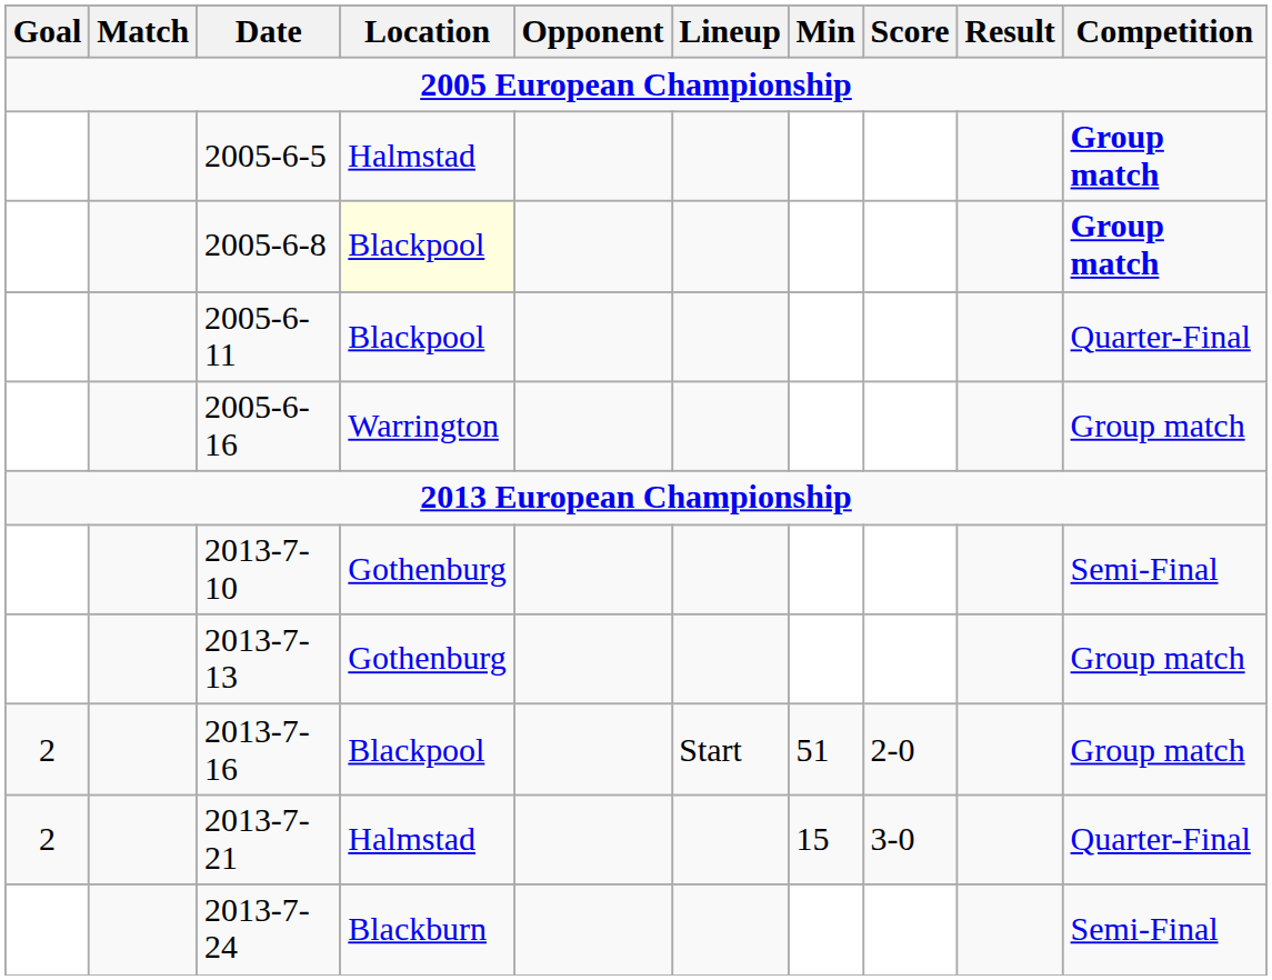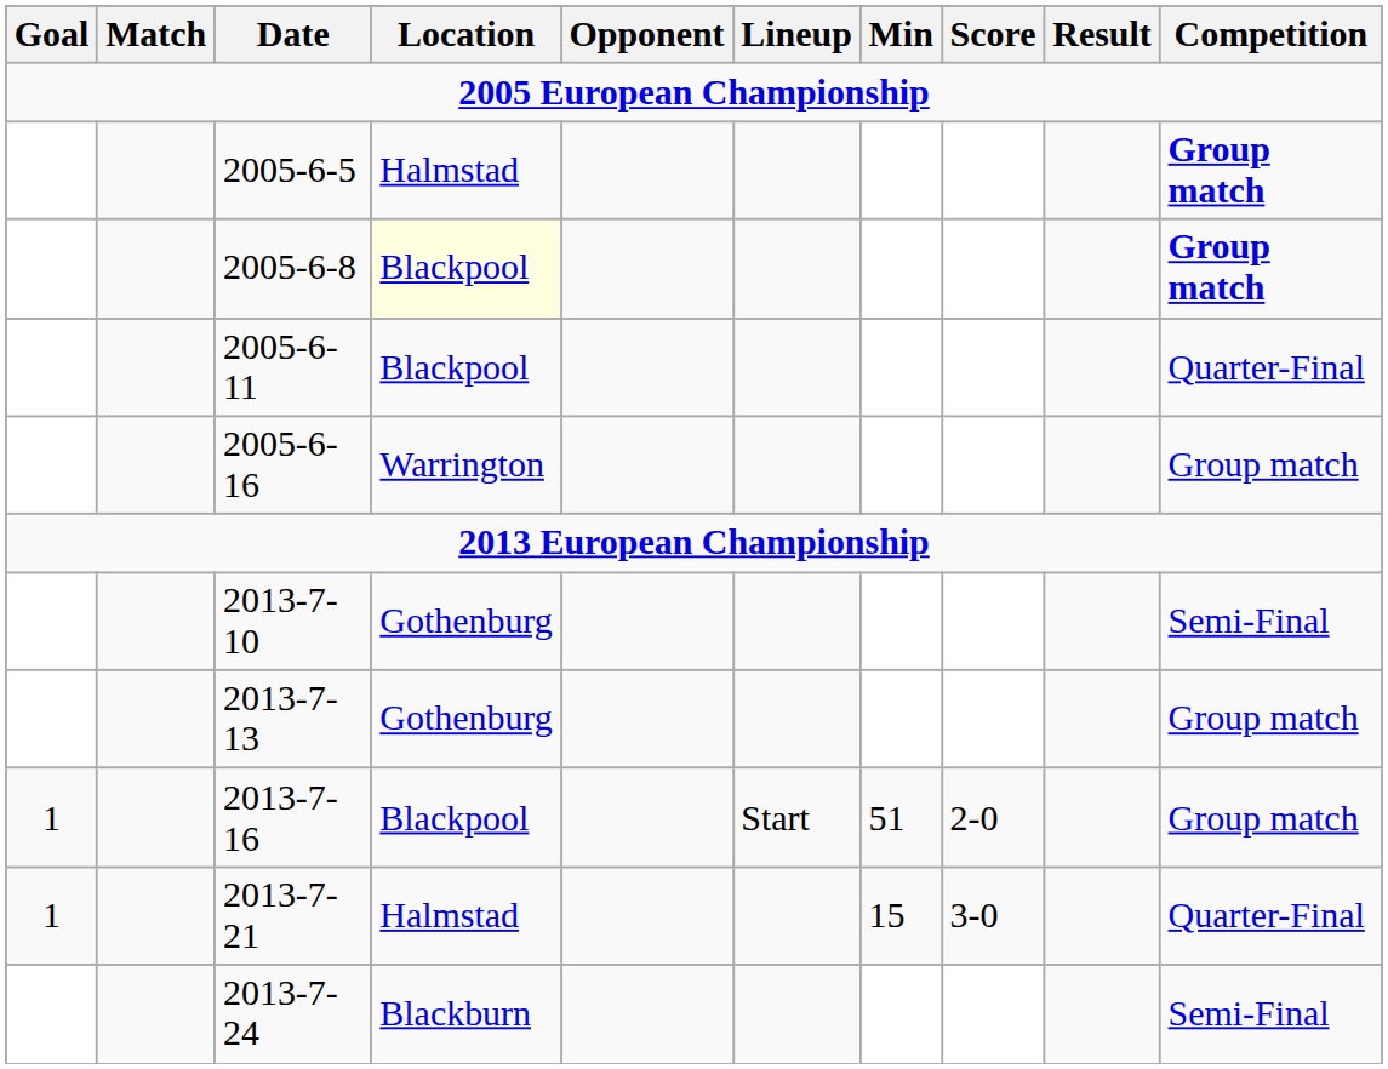 <table class="wikitable collapsible" style="fontsize:90%;">
 <tr>
 <th>Goal</th>
 <th>Match</th>
 <th>Date</th>
 <th>Location</th>
 <th>Opponent</th>
 <th>Lineup</th>
 <th>Min</th>
 <th>Score</th>
 <th>Result</th>
 <th>Competition</th>
 </tr>
 <tr>
 <td colspan=10 align=center><strong><a href='#'>2005 European Championship</a></strong></td>
 </tr>
 <tr>
 <td style="background:white;"></td>
 <td></td>
 <td>2005-6-5</td>
 <td><a href='#'>Halmstad</a></td>
 <td></td>
 <td></td>
 <td style="background:white;"></td>
 <td style="background:white;"></td>
 <td></td>
 <td><strong><a href='#'>Group match</a></strong></td>
 </tr>
 <tr>
 <td style="background:white;"></td>
 <td></td>
 <td>2005-6-8</td>
 <td style="background: lightyellow;"><a href='#'>Blackpool</a></td>
 <td></td>
 <td></td>
 <td style="background:white;"></td>
 <td style="background:white;"></td>
 <td></td>
 <td><strong><a href='#'>Group match</a></strong></td>
 </tr>
 <tr>
 <td style="background:white;"></td>
 <td></td>
 <td>2005-6-11</td>
 <td><a href='#'>Blackpool</a></td>
 <td></td>
 <td></td>
 <td style="background:white;"></td>
 <td style="background:white;"></td>
 <td></td>
 <td><a href='#'>Quarter-Final</a></td>
 </tr>
 <tr>
 <td style="background:white;"></td>
 <td></td>
 <td>2005-6-16</td>
 <td><a href='#'>Warrington</a></td>
 <td></td>
 <td></td>
 <td style="background:white;"></td>
 <td style="background:white;"></td>
 <td></td>
 <td><a href='#'>Group match</a></td>
 </tr>
 <tr>
 <td colspan=10 align=center><strong><a href='#'>2013 European Championship</a></strong></td>
 </tr>
 <tr>
 <td style="background:white;"></td>
 <td></td>
 <td>2013-7-10</td>
 <td><a href='#'>Gothenburg</a></td>
 <td></td>
 <td></td>
 <td style="background:white;"></td>
 <td style="background:white;"></td>
 <td></td>
 <td><a href='#'>Semi-Final</a></td>
 </tr>
 <tr>
 <td style="background:white;"></td>
 <td></td>
 <td>2013-7-13</td>
 <td><a href='#'>Gothenburg</a></td>
 <td></td>
 <td></td>
 <td style="background:white;"></td>
 <td style="background:white;"></td>
 <td></td>
 <td><a href='#'>Group match</a></td>
 </tr>
 <tr>
-<td align=center>2</td>
+<td align=center>1</td>
 <td></td>
 <td>2013-7-16</td>
 <td><a href='#'>Blackpool</a></td>
 <td></td>
 <td>Start</td>
 <td>51</td>
 <td>2-0</td>
 <td></td>
 <td><a href='#'>Group match</a></td>
 </tr>
 <tr>
-<td align=center>2</td>
+<td align=center>1</td>
 <td></td>
 <td>2013-7-21</td>
 <td><a href='#'>Halmstad</a></td>
 <td></td>
 <td></td>
 <td>15</td>
 <td>3-0</td>
 <td></td>
 <td><a href='#'>Quarter-Final</a></td>
 </tr>
 <tr>
 <td style="background:white;"></td>
 <td></td>
 <td>2013-7-24</td>
 <td><a href='#'>Blackburn</a></td>
 <td></td>
 <td></td>
 <td style="background:white;"></td>
 <td style="background:white;"></td>
 <td></td>
 <td><a href='#'>Semi-Final</a></td>
 </tr>
 <tr>
 </tr>
 </table>
